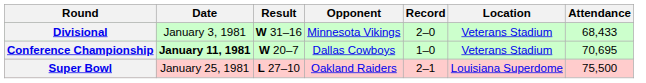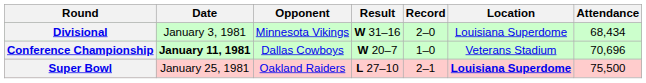 <table class="wikitable" style="text-align:center">
 <tr>
 <th>Round</th>
 <th>Date</th>
+<th>Opponent</th>
 <th>Result</th>
-<th>Opponent</th>
 <th>Record</th>
 <th>Location</th>
 <th>Attendance</th>
 </tr>
 <tr style="background:#cfc">
 <th><a href='#'>Divisional</a></th>
 <td>January 3, 1981</td>
+<td><a href='#'>Minnesota Vikings</a></td>
 <td><strong>W</strong> 31–16</td>
-<td><a href='#'>Minnesota Vikings</a></td>
 <td>2–0</td>
-<td><a href='#'>Veterans Stadium</a></td>
-<td>68,433</td>
+<td><a href='#'>Louisiana Superdome</a></td>
+<td>68,434</td>
 </tr>
 <tr style="background: #cfc">
 <th><a href='#'>Conference Championship</a></th>
 <td><strong>January 11, 1981</strong></td>
+<td><a href='#'>Dallas Cowboys</a></td>
 <td><strong>W</strong> 20–7</td>
-<td><a href='#'>Dallas Cowboys</a></td>
 <td>1–0</td>
 <td><a href='#'>Veterans Stadium</a></td>
-<td>70,695</td>
+<td>70,696</td>
 </tr>
 <tr style="background: #fcc">
 <th><a href='#'>Super Bowl</a></th>
 <td>January 25, 1981</td>
+<td><a href='#'>Oakland Raiders</a></td>
 <td><strong>L</strong> 27–10</td>
-<td><a href='#'>Oakland Raiders</a></td>
 <td>2–1</td>
-<td><a href='#'>Louisiana Superdome</a></td>
+<td><strong><a href='#'>Louisiana Superdome</a></strong></td>
 <td>75,500</td>
 </tr>
 </table>
